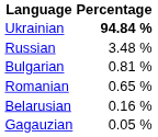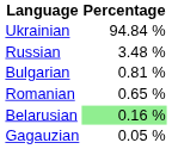 <table class="standard">
 <tr>
 <th>Language</th>
 <th>Percentage</th>
 </tr>
 <tr>
 <td><a href='#'>Ukrainian</a></td>
-<td align="right"><strong>94.84 %</strong></td>
+<td align="right">94.84 %</td>
 </tr>
 <tr>
 <td><a href='#'>Russian</a></td>
 <td align="right">3.48 %</td>
 </tr>
 <tr>
 <td><a href='#'>Bulgarian</a></td>
 <td align="right">0.81 %</td>
 </tr>
 <tr>
 <td><a href='#'>Romanian</a></td>
 <td align="right">0.65 %</td>
 </tr>
 <tr>
 <td><a href='#'>Belarusian</a></td>
-<td align="right">0.16 %</td>
+<td align="right" style="background: lightgreen;">0.16 %</td>
 </tr>
 <tr>
 <td><a href='#'>Gagauzian</a></td>
 <td align="right">0.05 %</td>
 </tr>
 </table>
